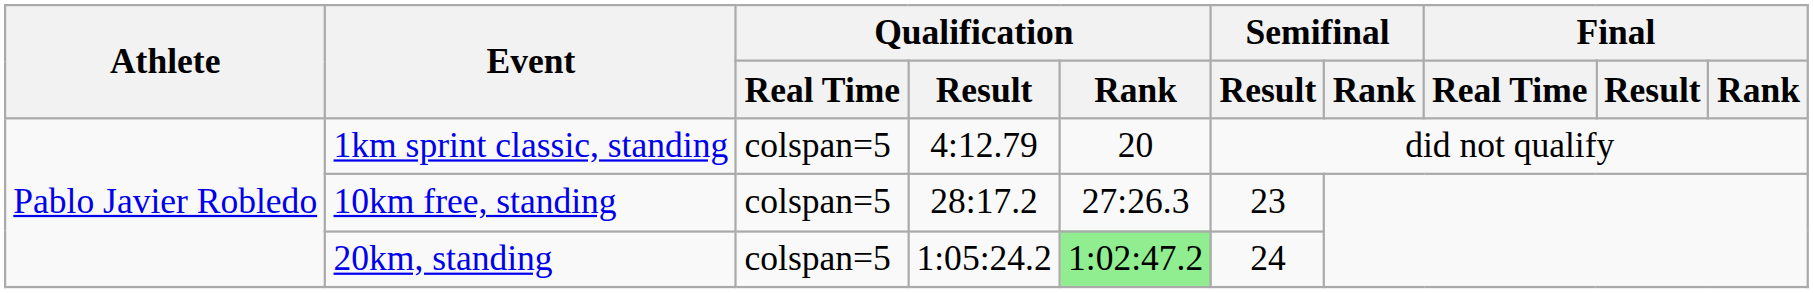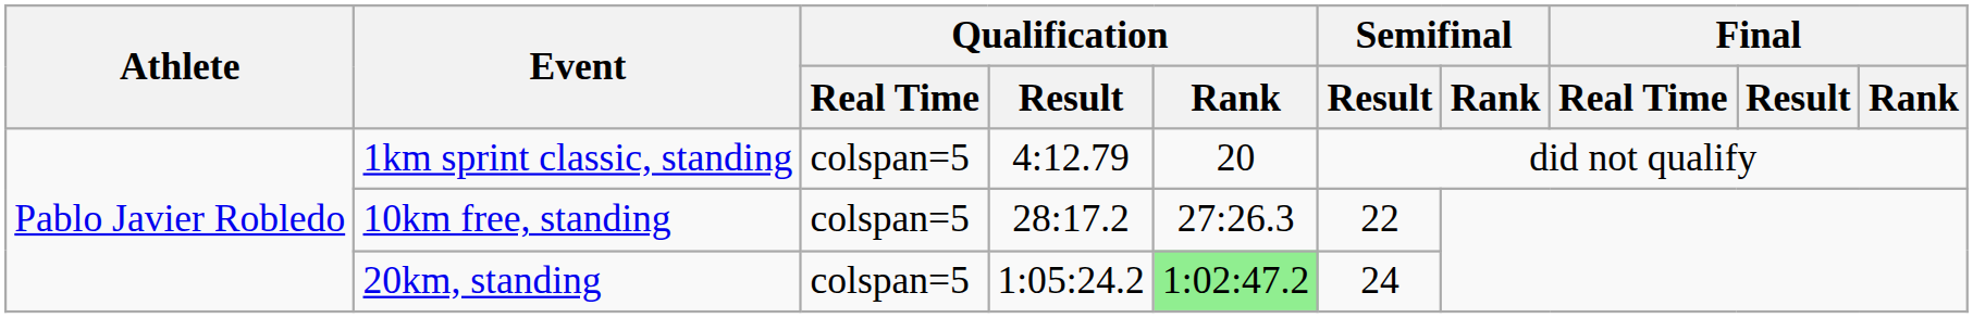 <table class="wikitable" style="font-size:100%">
 <tr>
 <th rowspan="2">Athlete</th>
 <th rowspan="2">Event</th>
 <th colspan="3">Qualification</th>
 <th colspan="2">Semifinal</th>
 <th colspan="3">Final</th>
 </tr>
 <tr>
 <th>Real Time</th>
 <th>Result</th>
 <th>Rank</th>
 <th>Result</th>
 <th>Rank</th>
 <th>Real Time</th>
 <th>Result</th>
 <th>Rank</th>
 </tr>
 <tr>
 <td rowspan=3><a href='#'>Pablo Javier Robledo</a></td>
 <td><a href='#'>1km sprint classic, standing</a></td>
 <td>colspan=5 </td>
 <td align="center">4:12.79</td>
 <td align="center">20</td>
 <td colspan=5 align="center">did not qualify</td>
 </tr>
 <tr>
 <td><a href='#'>10km free, standing</a></td>
 <td>colspan=5 </td>
 <td align="center">28:17.2</td>
 <td align="center">27:26.3</td>
-<td align="center">23</td>
+<td align="center">22</td>
 </tr>
 <tr>
 <td><a href='#'>20km, standing</a></td>
 <td>colspan=5 </td>
 <td align="center">1:05:24.2</td>
 <td align="center" style="background: lightgreen;">1:02:47.2</td>
 <td align="center">24</td>
 </tr>
 </table>
